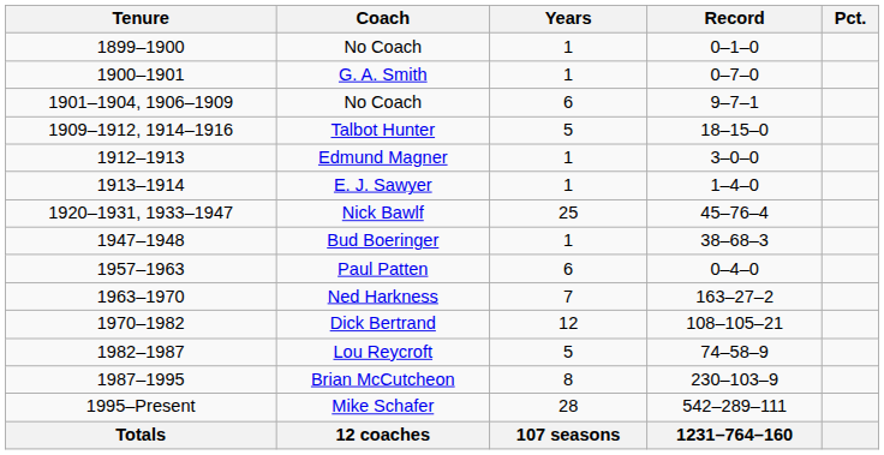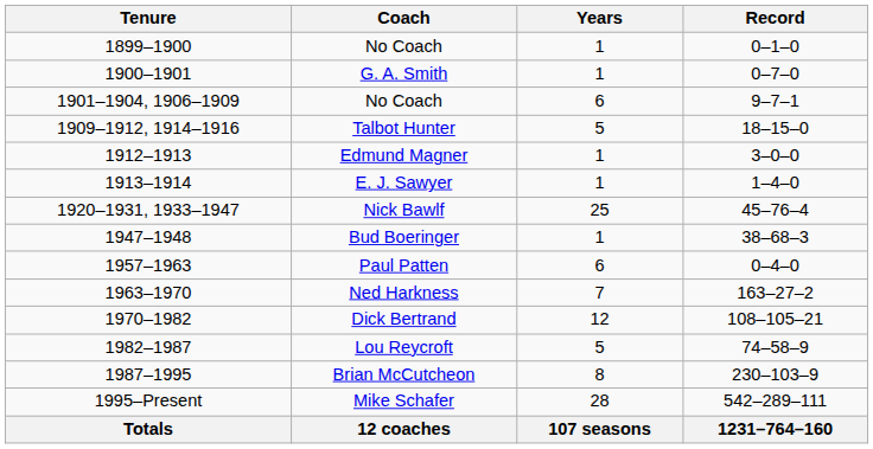 <table class="wikitable" width=800>
 <tr>
 <th>Tenure</th>
 <th>Coach</th>
 <th>Years</th>
 <th>Record</th>
-<th>Pct.</th>
 </tr>
 <tr align="center">
 <td>1899–1900</td>
 <td>No Coach</td>
 <td>1</td>
 <td>0–1–0</td>
-<td></td>
 </tr>
 <tr align="center">
 <td>1900–1901</td>
 <td><a href='#'>G. A. Smith</a></td>
 <td>1</td>
 <td>0–7–0</td>
-<td></td>
 </tr>
 <tr align="center">
 <td>1901–1904, 1906–1909</td>
 <td>No Coach</td>
 <td>6</td>
 <td>9–7–1</td>
-<td></td>
 </tr>
 <tr align="center">
 <td>1909–1912, 1914–1916</td>
 <td><a href='#'>Talbot Hunter</a></td>
 <td>5</td>
 <td>18–15–0</td>
-<td></td>
 </tr>
 <tr align="center">
 <td>1912–1913</td>
 <td><a href='#'>Edmund Magner</a></td>
 <td>1</td>
 <td>3–0–0</td>
-<td></td>
 </tr>
 <tr align="center">
 <td>1913–1914</td>
 <td><a href='#'>E. J. Sawyer</a></td>
 <td>1</td>
 <td>1–4–0</td>
-<td></td>
 </tr>
 <tr align="center">
 <td>1920–1931, 1933–1947</td>
 <td><a href='#'>Nick Bawlf</a></td>
 <td>25</td>
 <td>45–76–4</td>
-<td></td>
 </tr>
 <tr align="center">
 <td>1947–1948</td>
 <td><a href='#'>Bud Boeringer</a></td>
 <td>1</td>
 <td>38–68–3</td>
-<td></td>
 </tr>
 <tr align="center">
 <td>1957–1963</td>
 <td><a href='#'>Paul Patten</a></td>
 <td>6</td>
 <td>0–4–0</td>
-<td></td>
 </tr>
 <tr align="center">
 <td>1963–1970</td>
 <td><a href='#'>Ned Harkness</a></td>
 <td>7</td>
 <td>163–27–2</td>
-<td></td>
 </tr>
 <tr align="center">
 <td>1970–1982</td>
 <td><a href='#'>Dick Bertrand</a></td>
 <td>12</td>
 <td>108–105–21</td>
-<td></td>
 </tr>
 <tr align="center">
 <td>1982–1987</td>
 <td><a href='#'>Lou Reycroft</a></td>
 <td>5</td>
 <td>74–58–9</td>
-<td></td>
 </tr>
 <tr align="center">
 <td>1987–1995</td>
 <td><a href='#'>Brian McCutcheon</a></td>
 <td>8</td>
 <td>230–103–9</td>
-<td></td>
 </tr>
 <tr align="center">
 <td>1995–Present</td>
 <td><a href='#'>Mike Schafer</a></td>
 <td>28</td>
 <td>542–289–111</td>
-<td></td>
 </tr>
 <tr align="center">
 <th>Totals</th>
 <th>12 coaches</th>
 <th>107 seasons</th>
 <th>1231–764–160</th>
-<th></th>
 </tr>
 </table>
